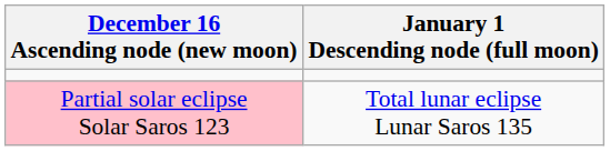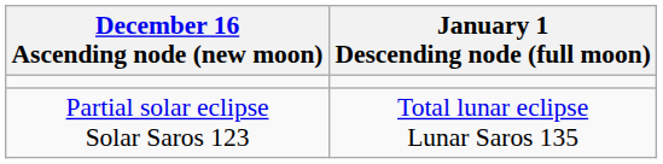 <table class="wikitable">
 <tr>
 <th><a href='#'>December 16</a><br>Ascending node (new moon)<br></th>
 <th>January 1<br>Descending node (full moon)<br></th>
 </tr>
 <tr>
 <td></td>
 <td></td>
 </tr>
 <tr align=center>
-<td style="background: pink;"><a href='#'>Partial solar eclipse</a><br>Solar Saros 123</td>
+<td><a href='#'>Partial solar eclipse</a><br>Solar Saros 123</td>
 <td><a href='#'>Total lunar eclipse</a><br>Lunar Saros 135</td>
 </tr>
 </table>
